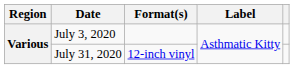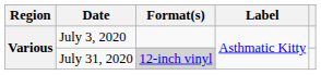 <table class="wikitable plainrowheaders">
 <tr>
 <th scope="col">Region</th>
 <th scope="col">Date</th>
 <th scope="col">Format(s)</th>
 <th scope="col">Label</th>
 <th scope="col"></th>
 </tr>
 <tr>
 <th scope="row" rowspan="2">Various</th>
 <td>July 3, 2020</td>
 <td></td>
 <td rowspan="2"><a href='#'>Asthmatic Kitty</a></td>
 <td align="center"></td>
 </tr>
 <tr>
 <td>July 31, 2020</td>
-<td><a href='#'>12-inch vinyl</a></td>
+<td style="background: lightgrey;"><a href='#'>12-inch vinyl</a></td>
 <td align="center"></td>
 </tr>
 </table>
